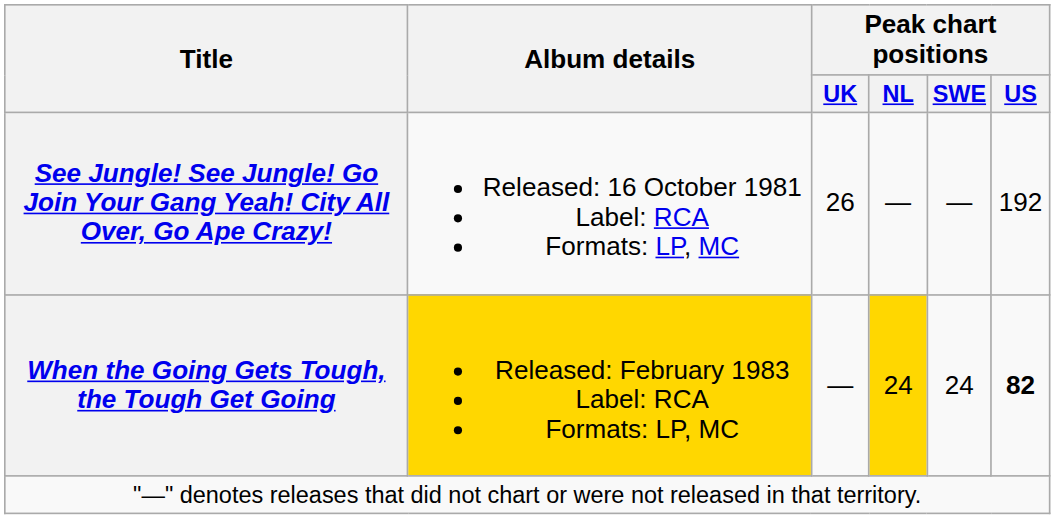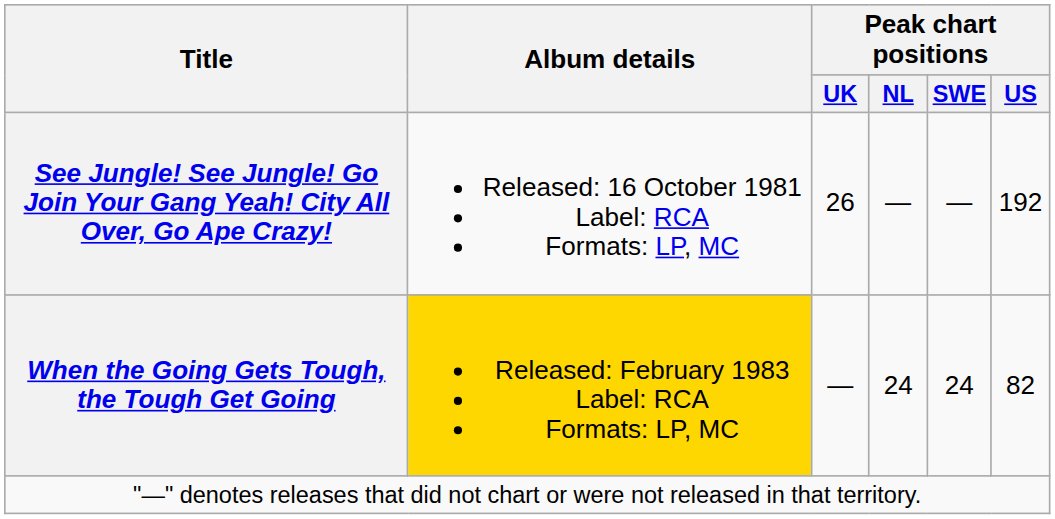 <table class="wikitable plainrowheaders" style="text-align:center;">
 <tr>
 <th rowspan="2" scope="col" style="width:15em;">Title</th>
 <th rowspan="2" scope="col" style="width:15em;">Album details</th>
 <th colspan="4">Peak chart positions</th>
 </tr>
 <tr>
 <th scope="col" style="width:2em;font-size:90%;"><a href='#'>UK</a><br></th>
 <th scope="col" style="width:2em;font-size:90%;"><a href='#'>NL</a><br></th>
 <th scope="col" style="width:2em;font-size:90%;"><a href='#'>SWE</a><br></th>
 <th scope="col" style="width:2em;font-size:90%;"><a href='#'>US</a><br></th>
 </tr>
 <tr>
 <th scope="row"><em><a href='#'>See Jungle! See Jungle! Go Join Your Gang Yeah! City All Over, Go Ape Crazy!</a></em></th>
 <td><br><ul><li>Released: 16 October 1981</li><li>Label: <a href='#'>RCA</a></li><li>Formats: <a href='#'>LP</a>, <a href='#'>MC</a></li></ul></td>
 <td>26</td>
 <td>—</td>
 <td>—</td>
 <td>192</td>
 </tr>
 <tr>
 <th scope="row"><em><a href='#'>When the Going Gets Tough, the Tough Get Going</a></em></th>
 <td style="background: gold;"><br><ul><li>Released: February 1983</li><li>Label: RCA</li><li>Formats: LP, MC</li></ul></td>
 <td>—</td>
-<td style="background: gold;">24</td>
 <td>24</td>
-<td><strong>82</strong></td>
+<td>24</td>
+<td>82</td>
 </tr>
 <tr>
 <td colspan="6" style="font-size:90%">"—" denotes releases that did not chart or were not released in that territory.</td>
 </tr>
 </table>
